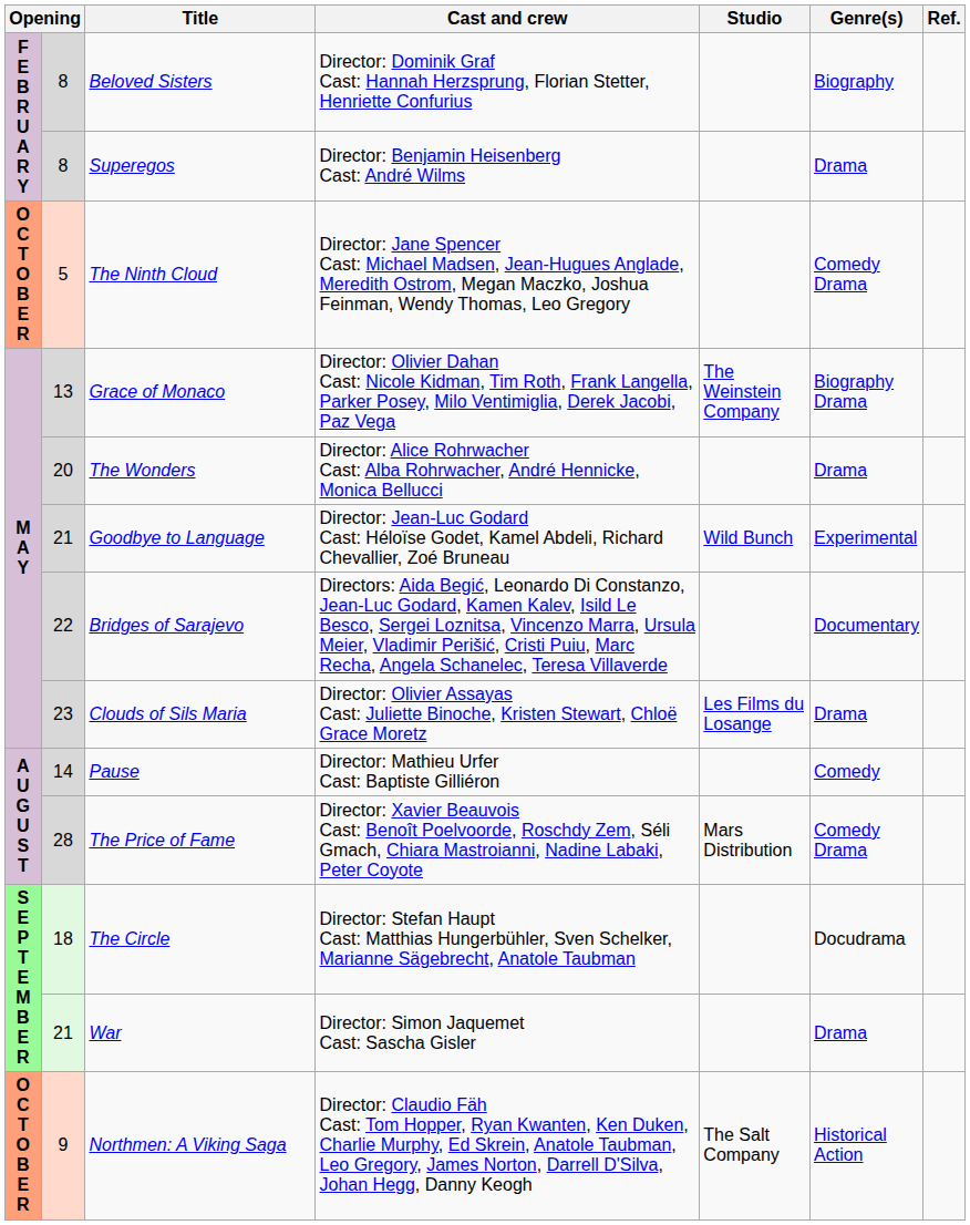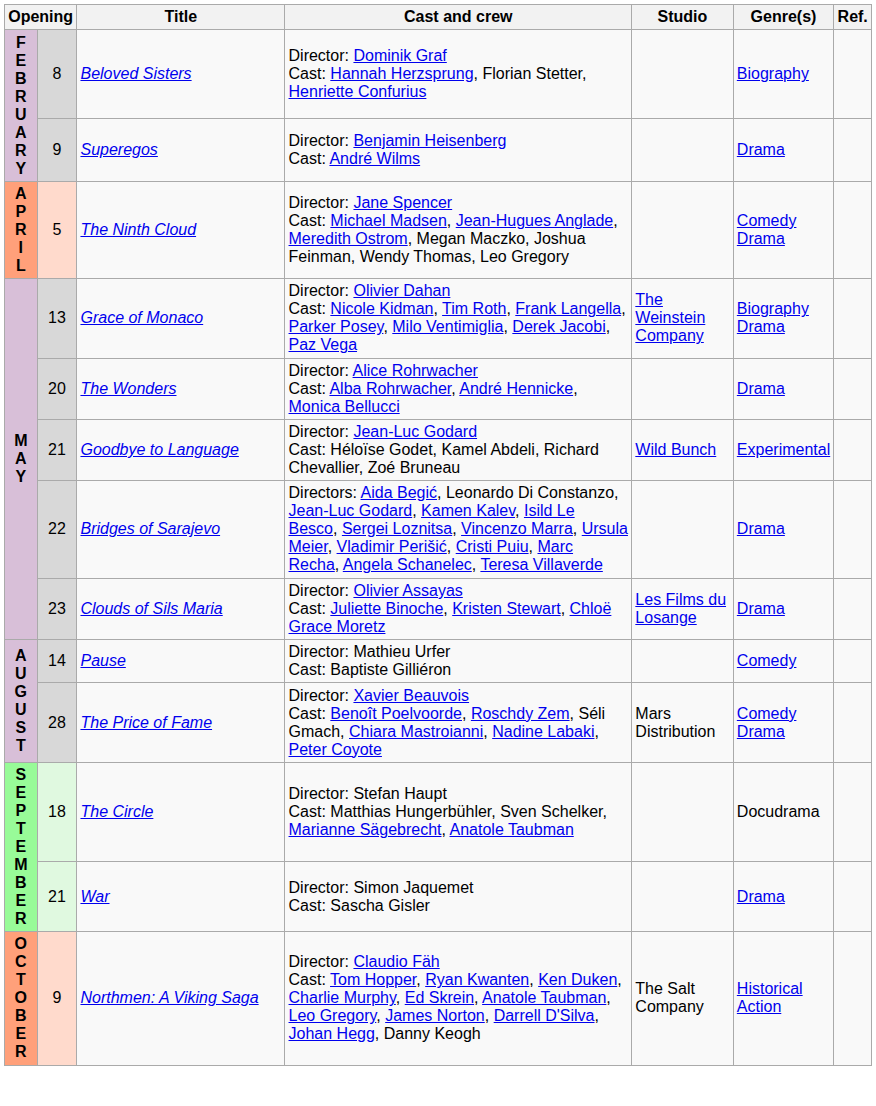 <table class="wikitable">
 <tr style="background:#b0e0e6; text-align:center;">
 <th colspan="2">Opening</th>
 <th style="width:24%;">Title</th>
 <th style="width:40%;">Cast and crew</th>
 <th>Studio</th>
 <th style="width:10%;">Genre(s)</th>
 <th style="width:2%;">Ref.</th>
 </tr>
 <tr>
 <th rowspan="2" style="text-align:center; background:thistle; textcolor:#000;">F<br>E<br>B<br>R<br>U<br>A<br>R<br>Y</th>
 <td rowspan="1" style="text-align:center; background:#d8d8d8;">8</td>
 <td><em><a href='#'>Beloved Sisters</a></em></td>
 <td>Director: <a href='#'>Dominik Graf</a> <br> Cast: <a href='#'>Hannah Herzsprung</a>, Florian Stetter, <a href='#'>Henriette Confurius</a></td>
 <td></td>
 <td><a href='#'>Biography</a></td>
 <td style="text-align:center"></td>
 </tr>
 <tr>
-<td rowspan="1" style="text-align:center; background:#d8d8d8;">8</td>
+<td rowspan="1" style="text-align:center; background:#d8d8d8;">9</td>
 <td><em><a href='#'>Superegos</a></em></td>
 <td>Director: <a href='#'>Benjamin Heisenberg</a> <br> Cast: <a href='#'>André Wilms</a></td>
 <td></td>
 <td><a href='#'>Drama</a></td>
 <td style="text-align:center"></td>
 </tr>
 <tr>
-<th rowspan="1" style="text-align:center; background:#ffa07a; textcolor:#000;">O<br>C<br>T<br>O<br>B<br>E<br>R</th>
+<th rowspan="1" style="text-align:center; background:#ffa07a; textcolor:#000;">A<br>P<br>R<br>I<br>L</th>
 <td rowspan="1" style="text-align:center; background:#ffdacc;">5</td>
 <td><em><a href='#'>The Ninth Cloud</a></em></td>
 <td>Director: <a href='#'>Jane Spencer</a> <br> Cast: <a href='#'>Michael Madsen</a>, <a href='#'>Jean-Hugues Anglade</a>, <a href='#'>Meredith Ostrom</a>, Megan Maczko, Joshua Feinman, Wendy Thomas, Leo Gregory</td>
 <td></td>
 <td><a href='#'>Comedy</a> <br> <a href='#'>Drama</a></td>
 <td style="text-align:center"></td>
 </tr>
 <tr>
 <th rowspan="5" style="text-align:center; background:thistle; textcolor:#000;">M<br>A<br>Y</th>
 <td rowspan="1" style="text-align:center; background:#d8d8d8;">13</td>
 <td><em><a href='#'>Grace of Monaco</a></em></td>
 <td>Director: <a href='#'>Olivier Dahan</a> <br> Cast: <a href='#'>Nicole Kidman</a>, <a href='#'>Tim Roth</a>, <a href='#'>Frank Langella</a>, <a href='#'>Parker Posey</a>, <a href='#'>Milo Ventimiglia</a>, <a href='#'>Derek Jacobi</a>, <a href='#'>Paz Vega</a></td>
 <td><a href='#'>The Weinstein Company</a></td>
 <td><a href='#'>Biography</a> <br> <a href='#'>Drama</a></td>
 <td style="text-align:center"></td>
 </tr>
 <tr>
 <td rowspan="1" style="text-align:center; background:#d8d8d8;">20</td>
 <td><em><a href='#'>The Wonders</a></em></td>
 <td>Director: <a href='#'>Alice Rohrwacher</a> <br> Cast: <a href='#'>Alba Rohrwacher</a>, <a href='#'>André Hennicke</a>, <a href='#'>Monica Bellucci</a></td>
 <td></td>
 <td><a href='#'>Drama</a></td>
 <td style="text-align:center"></td>
 </tr>
 <tr>
 <td rowspan="1" style="text-align:center; background:#d8d8d8;">21</td>
 <td><em><a href='#'>Goodbye to Language</a></em></td>
 <td>Director: <a href='#'>Jean-Luc Godard</a> <br> Cast: Héloïse Godet, Kamel Abdeli, Richard Chevallier, Zoé Bruneau</td>
 <td><a href='#'>Wild Bunch</a></td>
 <td><a href='#'>Experimental</a></td>
 <td style="text-align:center"></td>
 </tr>
 <tr>
 <td rowspan="1" style="text-align:center; background:#d8d8d8;">22</td>
 <td><em><a href='#'>Bridges of Sarajevo</a></em></td>
 <td>Directors: <a href='#'>Aida Begić</a>, Leonardo Di Constanzo, <a href='#'>Jean-Luc Godard</a>, <a href='#'>Kamen Kalev</a>, <a href='#'>Isild Le Besco</a>, <a href='#'>Sergei Loznitsa</a>, <a href='#'>Vincenzo Marra</a>, <a href='#'>Ursula Meier</a>, <a href='#'>Vladimir Perišić</a>, <a href='#'>Cristi Puiu</a>, <a href='#'>Marc Recha</a>, <a href='#'>Angela Schanelec</a>, <a href='#'>Teresa Villaverde</a></td>
 <td></td>
-<td><a href='#'>Documentary</a></td>
+<td><a href='#'>Drama</a></td>
 <td style="text-align:center"></td>
 </tr>
 <tr>
 <td rowspan="1" style="text-align:center; background:#d8d8d8;">23</td>
 <td><em><a href='#'>Clouds of Sils Maria</a></em></td>
 <td>Director: <a href='#'>Olivier Assayas</a> <br> Cast: <a href='#'>Juliette Binoche</a>, <a href='#'>Kristen Stewart</a>, <a href='#'>Chloë Grace Moretz</a></td>
 <td><a href='#'>Les Films du Losange</a></td>
 <td><a href='#'>Drama</a></td>
 <td style="text-align:center"></td>
 </tr>
 <tr>
 <th rowspan="2" style="text-align:center; background:thistle; textcolor:#000;">A<br>U<br>G<br>U<br>S<br>T</th>
 <td rowspan="1" style="text-align:center; background:#d8d8d8;">14</td>
 <td><em><a href='#'>Pause</a></em></td>
 <td>Director: Mathieu Urfer <br> Cast: Baptiste Gilliéron</td>
 <td></td>
 <td><a href='#'>Comedy</a></td>
 <td style="text-align:center"></td>
 </tr>
 <tr>
 <td rowspan="1" style="text-align:center; background:#d8d8d8;">28</td>
 <td><em><a href='#'>The Price of Fame</a></em></td>
 <td>Director: <a href='#'>Xavier Beauvois</a> <br> Cast: <a href='#'>Benoît Poelvoorde</a>, <a href='#'>Roschdy Zem</a>, Séli Gmach, <a href='#'>Chiara Mastroianni</a>, <a href='#'>Nadine Labaki</a>, <a href='#'>Peter Coyote</a></td>
 <td>Mars Distribution</td>
 <td><a href='#'>Comedy</a> <br> <a href='#'>Drama</a></td>
 <td style="text-align:center"></td>
 </tr>
 <tr>
 <th rowspan="2" style="text-align:center; background:#98fb98; textcolor:#000;">S<br>E<br>P<br>T<br>E<br>M<br>B<br>E<br>R</th>
 <td rowspan="1" style="text-align:center; background:#e0f9e0;">18</td>
 <td><em><a href='#'>The Circle</a></em></td>
 <td>Director: Stefan Haupt <br> Cast: Matthias Hungerbühler, Sven Schelker, <a href='#'>Marianne Sägebrecht</a>, <a href='#'>Anatole Taubman</a></td>
 <td></td>
 <td>Docudrama</td>
 <td style="text-align:center"></td>
 </tr>
 <tr>
 <td rowspan="1" style="text-align:center; background:#e0f9e0;">21</td>
 <td><em><a href='#'>War</a></em></td>
 <td>Director: Simon Jaquemet <br> Cast: 	Sascha Gisler</td>
 <td></td>
 <td><a href='#'>Drama</a></td>
 <td style="text-align:center"></td>
 </tr>
 <tr>
 <th rowspan="1" style="text-align:center; background:#ffa07a; textcolor:#000;">O<br>C<br>T<br>O<br>B<br>E<br>R</th>
 <td rowspan="1" style="text-align:center; background:#ffdacc;">9</td>
 <td><em><a href='#'>Northmen: A Viking Saga</a></em></td>
 <td>Director: <a href='#'>Claudio Fäh</a> <br> Cast: <a href='#'>Tom Hopper</a>, <a href='#'>Ryan Kwanten</a>, <a href='#'>Ken Duken</a>, <a href='#'>Charlie Murphy</a>, <a href='#'>Ed Skrein</a>, <a href='#'>Anatole Taubman</a>, <a href='#'>Leo Gregory</a>, <a href='#'>James Norton</a>, <a href='#'>Darrell D'Silva</a>, <a href='#'>Johan Hegg</a>, Danny Keogh</td>
 <td>The Salt Company</td>
 <td><a href='#'>Historical</a> <br> <a href='#'>Action</a></td>
 <td style="text-align:center"></td>
 </tr>
 <tr>
 </tr>
 </table>
